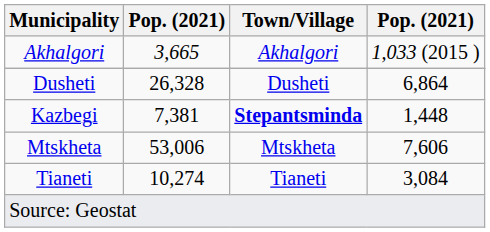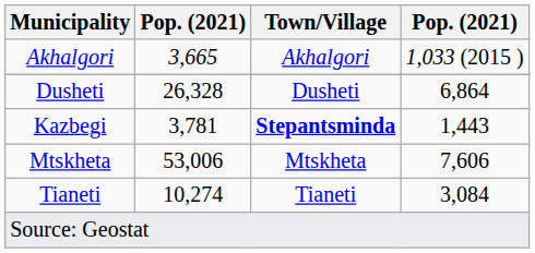 <table class="wikitable sortable">
 <tr>
 <th>Municipality</th>
 <th>Pop. (2021)</th>
 <th>Town/Village</th>
 <th>Pop. (2021)</th>
 </tr>
 <tr>
 <td align="center"><em><a href='#'>Akhalgori</a></em></td>
 <td align="center"><em>3,665</em> </td>
 <td align="center"><em><a href='#'>Akhalgori</a></em></td>
 <td align="center"><em>1,033</em> (2015 )</td>
 </tr>
 <tr>
 </tr>
 <tr ---->
 <td align="center"><a href='#'>Dusheti</a></td>
 <td align="center">26,328</td>
 <td align="center"><a href='#'>Dusheti</a></td>
 <td align="center">6,864</td>
 </tr>
 <tr ---->
 <td align="center"><a href='#'>Kazbegi</a></td>
-<td align="center">7,381</td>
+<td align="center">3,781</td>
 <td align="center"><strong><a href='#'>Stepantsminda</a></strong></td>
-<td align="center">1,448</td>
+<td align="center">1,443</td>
 </tr>
 <tr ---->
 <td align="center"><a href='#'>Mtskheta</a></td>
 <td align="center">53,006</td>
 <td align="center"><a href='#'>Mtskheta</a></td>
 <td align="center">7,606</td>
 </tr>
 <tr ---->
 <td align="center"><a href='#'>Tianeti</a></td>
 <td align="center">10,274</td>
 <td align="center"><a href='#'>Tianeti</a></td>
 <td align="center">3,084</td>
 </tr>
 <tr ---->
 <td colspan=4 class="wikitable" style="align:left;text-align:left;background-color:#eaecf0">Source: Geostat</td>
 </tr>
 </table>
